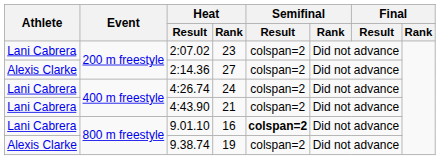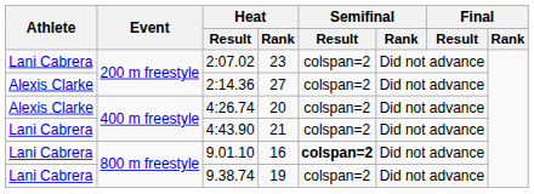 <table class=wikitable style=font-size:90%>
 <tr>
 <th rowspan=2>Athlete</th>
 <th rowspan=2>Event</th>
 <th colspan=2>Heat</th>
 <th colspan=2>Semifinal</th>
 <th colspan=2>Final</th>
 </tr>
 <tr style=font-size:95%>
 <th>Result</th>
 <th>Rank</th>
 <th>Result</th>
 <th>Rank</th>
 <th>Result</th>
 <th>Rank</th>
 </tr>
 <tr align=center>
 <td align=left><a href='#'>Lani Cabrera</a></td>
 <td align=left rowspan=2><a href='#'>200 m freestyle</a></td>
 <td>2:07.02</td>
 <td>23</td>
 <td>colspan=2 </td>
 <td colspan=2>Did not advance</td>
 </tr>
 <tr align=center>
 <td align=left><a href='#'>Alexis Clarke</a></td>
 <td>2:14.36</td>
 <td>27</td>
 <td>colspan=2 </td>
 <td colspan=2>Did not advance</td>
 </tr>
 <tr align=center>
-<td align=left><a href='#'>Lani Cabrera</a></td>
+<td align=left><a href='#'>Alexis Clarke</a></td>
 <td align=left rowspan=2><a href='#'>400 m freestyle</a></td>
 <td>4:26.74</td>
-<td>24</td>
+<td>20</td>
 <td>colspan=2 </td>
 <td colspan=2>Did not advance</td>
 </tr>
 <tr align=center>
 <td align=left><a href='#'>Lani Cabrera</a></td>
 <td>4:43.90</td>
 <td>21</td>
 <td>colspan=2 </td>
 <td colspan=2>Did not advance</td>
 </tr>
 <tr align=center>
 <td align=left><a href='#'>Lani Cabrera</a></td>
 <td align=left rowspan=2><a href='#'>800 m freestyle</a></td>
 <td>9.01.10</td>
 <td>16</td>
 <td><strong>colspan=2 </strong></td>
 <td colspan=2>Did not advance</td>
 </tr>
 <tr align=center>
-<td align=left><a href='#'>Alexis Clarke</a></td>
+<td align=left><a href='#'>Lani Cabrera</a></td>
 <td>9.38.74</td>
 <td>19</td>
 <td>colspan=2 </td>
 <td colspan=2>Did not advance</td>
 </tr>
 </table>
